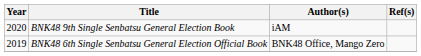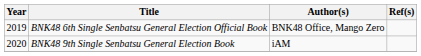 <table class="wikitable" style="text-align:left; ">
 <tr style="vertical-align:top;">
 <th>Year</th>
 <th>Title</th>
 <th>Author(s)</th>
 <th>Ref(s)</th>
-</tr>
-<tr>
-<td>2020</td>
-<td><em>BNK48 9th Single Senbatsu General Election Book</em></td>
-<td>iAM</td>
-<td></td>
 </tr>
 <tr style="vertical-align:top;">
 <td>2019</td>
 <td><em>BNK48 6th Single Senbatsu General Election Official Book</em></td>
 <td>BNK48 Office, Mango Zero</td>
 <td></td>
 </tr>
 <tr>
+<td>2020</td>
+<td><em>BNK48 9th Single Senbatsu General Election Book</em></td>
+<td>iAM</td>
+<td></td>
+</tr>
+<tr>
 </tr>
 </table>
